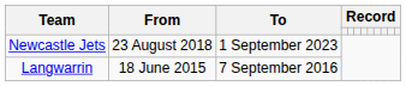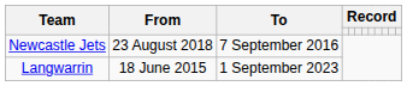 <table class="wikitable" style="text-align: center">
 <tr>
 <th rowspan="2">Team</th>
 <th rowspan="2">From</th>
 <th rowspan="2">To</th>
 <th colspan="9">Record</th>
 </tr>
 <tr>
 <th></th>
 <th></th>
 <th></th>
 <th></th>
 <th></th>
 <th></th>
 <th></th>
 <th></th>
 <th></th>
 </tr>
 <tr>
 <td><a href='#'>Newcastle Jets</a></td>
 <td>23 August 2018</td>
-<td>1 September 2023<br></td>
+<td>7 September 2016<br></td>
 </tr>
 <tr>
 <td><a href='#'>Langwarrin</a></td>
 <td>18 June 2015</td>
-<td>7 September 2016<br></td>
+<td>1 September 2023<br></td>
 </tr>
 </table>
